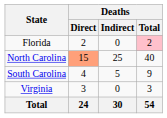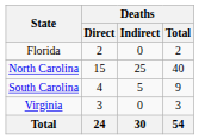 <table class="wikitable" style="float:right; margin:0 0 0.5em 1em; float:right;">
 <tr style="text-align:center;">
 <th scope="col" rowspan=2>State</th>
 <th scope="col" colspan=3>Deaths</th>
 </tr>
 <tr>
 <th scope="col">Direct</th>
 <th scope="col">Indirect</th>
 <th scope="col">Total</th>
 </tr>
 <tr style="text-align:center;">
 <td>Florida</td>
 <td>2</td>
 <td>0</td>
-<td style="background: pink;">2</td>
+<td>2</td>
 </tr>
 <tr style="text-align:center;">
 <td><a href='#'>North Carolina</a></td>
-<td style="background: lightsalmon;">15</td>
+<td>15</td>
 <td>25</td>
 <td>40</td>
 </tr>
 <tr style="text-align:center;">
 <td><a href='#'>South Carolina</a></td>
 <td>4</td>
 <td>5</td>
 <td>9</td>
 </tr>
 <tr style="text-align:center;">
 <td><a href='#'>Virginia</a></td>
 <td>3</td>
 <td>0</td>
 <td>3</td>
 </tr>
 <tr>
 <th>Total</th>
 <th>24</th>
 <th>30</th>
 <th>54</th>
 </tr>
 </table>
